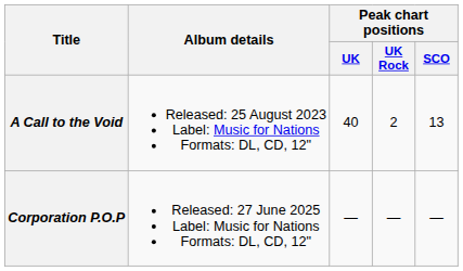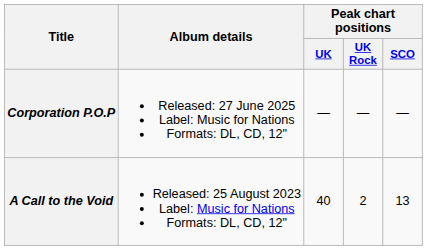 <table class="wikitable plainrowheaders" style="text-align:center">
 <tr>
 <th rowspan="2" scope="col">Title</th>
 <th rowspan="2" scope="col">Album details</th>
 <th colspan="3" scope="col">Peak chart positions</th>
 </tr>
 <tr>
 <th scope="col" style="width:3em;font-size:90%;"><a href='#'>UK</a><br></th>
 <th scope="col" style="width:3em;font-size:90%;"><a href='#'>UK Rock</a><br></th>
 <th scope="col" style="width:3em;font-size:90%;"><a href='#'>SCO</a><br></th>
 </tr>
 <tr>
+<th scope="row"><em>Corporation P.O.P</em></th>
+<td><br><ul><li>Released: 27 June 2025</li><li>Label: Music for Nations</li><li>Formats: DL, CD, 12"</li></ul></td>
+<td>—</td>
+<td>—</td>
+<td>—</td>
+</tr>
+<tr>
 <th scope="row"><em>A Call to the Void</em></th>
 <td><br><ul><li>Released: 25 August 2023</li><li>Label: <a href='#'>Music for Nations</a></li><li>Formats: DL, CD, 12"</li></ul></td>
 <td>40</td>
 <td>2</td>
 <td>13</td>
 </tr>
-<tr>
-<th scope="row"><em>Corporation P.O.P</em></th>
-<td><br><ul><li>Released: 27 June 2025</li><li>Label: Music for Nations</li><li>Formats: DL, CD, 12"</li></ul></td>
-<td>—</td>
-<td>—</td>
-<td>—</td>
-</tr>
 </table>
